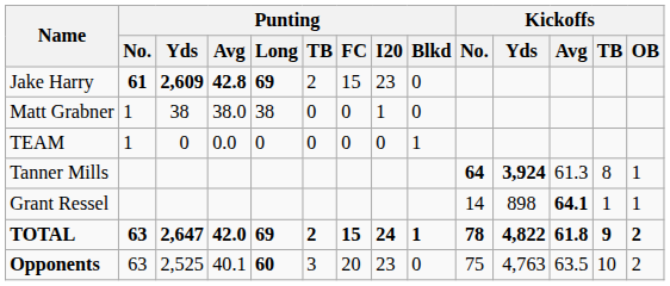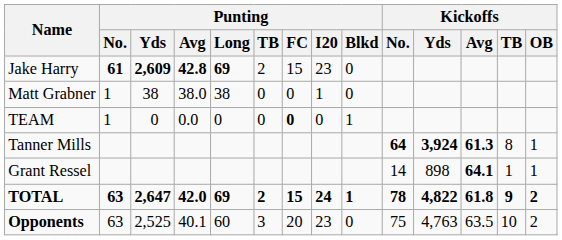 <table class="wikitable" style="white-space:nowrap;">
 <tr>
 <th rowspan="2">Name</th>
 <th colspan="8">Punting</th>
 <th colspan="5">Kickoffs</th>
 </tr>
 <tr>
 <th>No.</th>
 <th>Yds</th>
 <th>Avg</th>
 <th>Long</th>
 <th>TB</th>
 <th>FC</th>
 <th>I20</th>
 <th>Blkd</th>
 <th>No.</th>
 <th>Yds</th>
 <th>Avg</th>
 <th>TB</th>
 <th>OB</th>
 </tr>
 <tr>
 <td>Jake Harry</td>
 <td> <strong>61</strong></td>
 <td><strong>2,609</strong></td>
 <td><strong>42.8</strong></td>
 <td><strong>69</strong></td>
 <td>2</td>
 <td>15</td>
 <td>23</td>
 <td>0</td>
 <td></td>
 <td></td>
 <td></td>
 <td></td>
 <td></td>
 </tr>
 <tr>
 <td>Matt Grabner</td>
 <td>1</td>
 <td>   38</td>
 <td>38.0</td>
 <td>38</td>
 <td>0</td>
 <td>0</td>
 <td>1</td>
 <td>0</td>
 <td></td>
 <td></td>
 <td></td>
 <td></td>
 <td></td>
 </tr>
 <tr>
 <td>TEAM</td>
 <td>1</td>
 <td>     0</td>
 <td>0.0</td>
 <td>0</td>
 <td>0</td>
-<td>0</td>
+<td><strong>0</strong></td>
 <td>0</td>
 <td>1</td>
 <td></td>
 <td></td>
 <td></td>
 <td></td>
 <td></td>
 </tr>
 <tr>
 <td>Tanner Mills</td>
 <td></td>
 <td></td>
 <td></td>
 <td></td>
 <td></td>
 <td></td>
 <td></td>
 <td></td>
 <td> <strong>64</strong></td>
 <td> <strong>3,924</strong></td>
-<td>61.3</td>
+<td><strong>61.3</strong></td>
 <td> 8</td>
 <td>1</td>
 </tr>
 <tr>
 <td>Grant Ressel</td>
 <td></td>
 <td></td>
 <td></td>
 <td></td>
 <td></td>
 <td></td>
 <td></td>
 <td></td>
 <td> 14</td>
 <td>   898</td>
 <td><strong>64.1</strong></td>
 <td> 1</td>
 <td>1</td>
 </tr>
 <tr>
 <td><strong>TOTAL</strong></td>
 <td> <strong>63</strong></td>
 <td><strong>2,647</strong></td>
 <td><strong>42.0</strong></td>
 <td><strong>69</strong></td>
 <td><strong>2</strong></td>
 <td><strong>15</strong></td>
 <td><strong>24</strong></td>
 <td><strong>1</strong></td>
 <td> <strong>78</strong></td>
 <td> <strong>4,822</strong></td>
 <td><strong>61.8</strong></td>
 <td> <strong>9</strong></td>
 <td><strong>2</strong></td>
 </tr>
 <tr>
 <td><strong>Opponents</strong></td>
 <td> 63</td>
 <td>2,525</td>
 <td>40.1</td>
-<td><strong>60</strong></td>
+<td>60</td>
 <td>3</td>
 <td>20</td>
 <td>23</td>
 <td>0</td>
 <td> 75</td>
 <td> 4,763</td>
 <td>63.5</td>
 <td>10</td>
 <td>2</td>
 </tr>
 </table>
